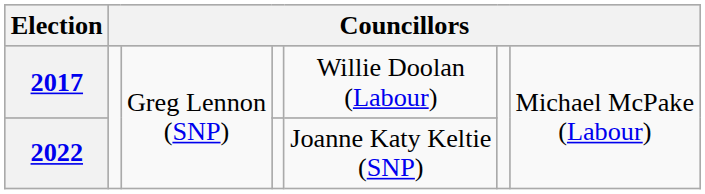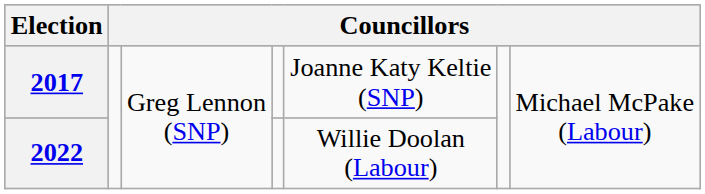 <table class="wikitable" style="text-align:center">
 <tr>
 <th>Election</th>
 <th colspan=8>Councillors</th>
 </tr>
 <tr>
 <th><a href='#'>2017</a></th>
 <td rowspan=2; style="background-color: "></td>
 <td rowspan=2>Greg Lennon<br>(<a href='#'>SNP</a>)</td>
 <td rowspan=1; style="background-color: "></td>
-<td rowspan=1>Willie Doolan<br>(<a href='#'>Labour</a>)</td>
+<td rowspan=1>Joanne Katy Keltie<br>(<a href='#'>SNP</a>)</td>
 <td rowspan=2; style="background-color: "></td>
 <td rowspan=2>Michael McPake<br>(<a href='#'>Labour</a>)</td>
 </tr>
 <tr>
 <th><a href='#'>2022</a></th>
 <td rowspan=1; style="background-color: "></td>
-<td rowspan=1>Joanne Katy Keltie<br>(<a href='#'>SNP</a>)</td>
+<td rowspan=1>Willie Doolan<br>(<a href='#'>Labour</a>)</td>
 </tr>
 </table>
